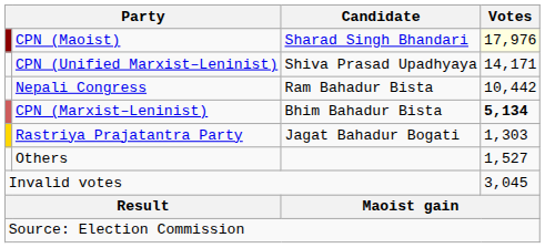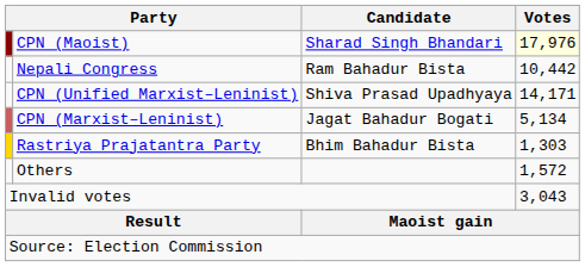 <table class="wikitable">
 <tr>
 <th colspan="2">Party</th>
 <th>Candidate</th>
 <th>Votes</th>
 </tr>
 <tr>
 <td style="background-color:darkred"></td>
 <td><a href='#'>CPN (Maoist)</a></td>
 <td><a href='#'>Sharad Singh Bhandari</a></td>
 <td style="background: lightyellow;">17,976</td>
 </tr>
 <tr>
 <td style="background-color:"></td>
+<td><a href='#'>Nepali Congress</a></td>
+<td>Ram Bahadur Bista</td>
+<td>10,442</td>
+</tr>
+<tr>
+<td style="background-color:"></td>
 <td><a href='#'>CPN (Unified Marxist–Leninist)</a></td>
 <td>Shiva Prasad Upadhyaya</td>
 <td>14,171</td>
 </tr>
 <tr>
-<td style="background-color:"></td>
-<td><a href='#'>Nepali Congress</a></td>
-<td>Ram Bahadur Bista</td>
-<td>10,442</td>
-</tr>
-<tr>
 <td style="background-color:indianred"></td>
 <td><a href='#'>CPN (Marxist–Leninist)</a></td>
-<td>Bhim Bahadur Bista</td>
-<td><strong>5,134</strong></td>
+<td>Jagat Bahadur Bogati</td>
+<td>5,134</td>
 </tr>
 <tr>
 <td style="background-color:gold"></td>
 <td><a href='#'>Rastriya Prajatantra Party</a></td>
-<td>Jagat Bahadur Bogati</td>
+<td>Bhim Bahadur Bista</td>
 <td>1,303</td>
 </tr>
 <tr>
 <td></td>
 <td>Others</td>
 <td></td>
-<td>1,527</td>
+<td>1,572</td>
 </tr>
 <tr>
 <td colspan="3">Invalid votes</td>
-<td>3,045</td>
+<td>3,043</td>
 </tr>
 <tr>
 <th colspan="2">Result</th>
 <th colspan="2">Maoist gain</th>
 </tr>
 <tr>
 <td colspan="4">Source: Election Commission</td>
 </tr>
 </table>
